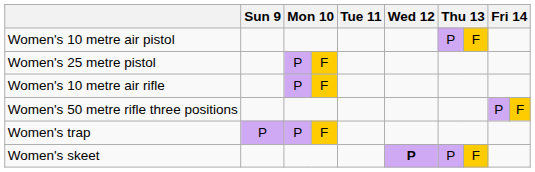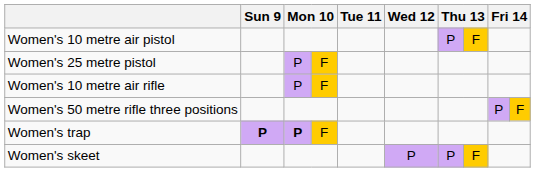 <table class="wikitable" style="margin:0.5em auto; font-size:90%; line-height:1.25em; text-align:center;">
 <tr>
 <th></th>
 <th>Sun 9</th>
 <th colspan=2>Mon 10</th>
 <th>Tue 11</th>
 <th>Wed 12</th>
 <th colspan=2>Thu 13</th>
 <th colspan=2>Fri 14</th>
 </tr>
 <tr>
 <td align=left>Women's 10 metre air pistol</td>
 <td></td>
 <td colspan=2></td>
 <td></td>
 <td></td>
 <td style="background-color:#D0A9F5;">P</td>
 <td style="background-color:#FFCC00;">F</td>
 <td colspan=2></td>
 </tr>
 <tr>
 <td align=left>Women's 25 metre pistol</td>
 <td></td>
 <td style="background-color:#D0A9F5;">P</td>
 <td style="background-color:#FFCC00;">F</td>
 <td></td>
 <td></td>
 <td colspan=2></td>
 <td colspan=2></td>
 </tr>
 <tr>
 <td align=left>Women's 10 metre air rifle</td>
 <td></td>
 <td style="background-color:#D0A9F5;">P</td>
 <td style="background-color:#FFCC00;">F</td>
 <td></td>
 <td></td>
 <td colspan=2></td>
 <td colspan=2></td>
 </tr>
 <tr>
 <td align=left>Women's 50 metre rifle three positions</td>
 <td></td>
 <td colspan=2></td>
 <td></td>
 <td></td>
 <td colspan=2></td>
 <td style="background-color:#D0A9F5;">P</td>
 <td style="background-color:#FFCC00;">F</td>
 </tr>
 <tr>
 <td align=left>Women's trap</td>
-<td style="background-color:#D0A9F5;">P</td>
-<td style="background-color:#D0A9F5;">P</td>
+<td style="background-color:#D0A9F5;"><strong>P</strong></td>
+<td style="background-color:#D0A9F5;"><strong>P</strong></td>
 <td style="background-color:#FFCC00;">F</td>
 <td></td>
 <td></td>
 <td colspan=2></td>
 <td colspan=2></td>
 </tr>
 <tr>
 <td align=left>Women's skeet</td>
 <td></td>
 <td colspan=2></td>
 <td></td>
-<td style="background-color:#D0A9F5;"><strong>P</strong></td>
+<td style="background-color:#D0A9F5;">P</td>
 <td style="background-color:#D0A9F5;">P</td>
 <td style="background-color:#FFCC00;">F</td>
 </tr>
 </table>
